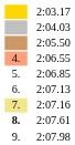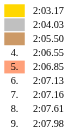 <table style="text-align:center">
 <tr>
 <td width=30 bgcolor=gold></td>
 <td align=left></td>
 <td width=60>2:03.17</td>
 </tr>
 <tr>
 <td bgcolor=silver></td>
 <td align=left></td>
 <td>2:04.03</td>
 </tr>
 <tr>
 <td bgcolor=cc9966></td>
 <td align=left></td>
 <td>2:05.50</td>
 </tr>
 <tr>
-<td style="background: lightsalmon;">4.</td>
+<td>4.</td>
 <td align=left></td>
 <td>2:06.55</td>
 </tr>
 <tr>
-<td>5.</td>
+<td style="background: lightsalmon;">5.</td>
 <td align=left></td>
 <td>2:06.85</td>
 </tr>
 <tr>
 <td>6.</td>
 <td align=left></td>
 <td>2:07.13</td>
 </tr>
 <tr>
-<td style="background: khaki;">7.</td>
+<td>7.</td>
 <td align=left></td>
 <td>2:07.16</td>
 </tr>
 <tr>
-<td><strong>8.</strong></td>
+<td>8.</td>
 <td align=left></td>
 <td>2:07.61</td>
 </tr>
 <tr>
 <td>9.</td>
 <td align=left></td>
 <td>2:07.98</td>
 </tr>
 </table>
